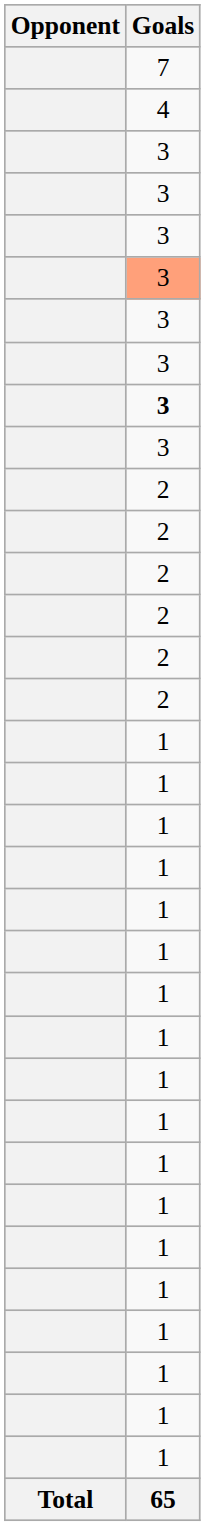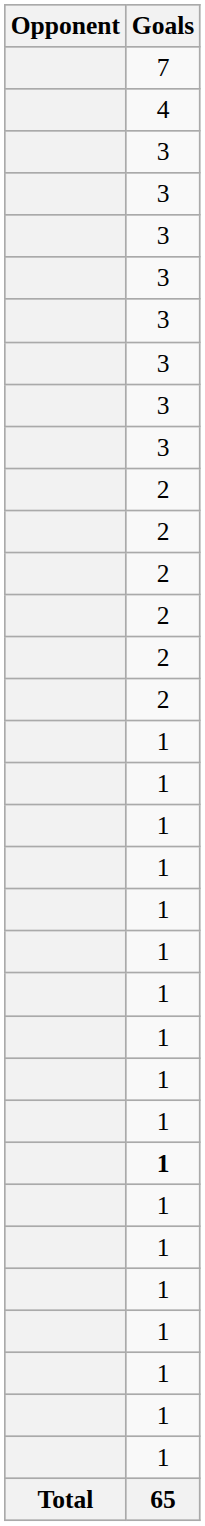 <table class="wikitable plainrowheaders sortable" style="text-align:center; font-size:95%">
 <tr>
 <th scope="col">Opponent</th>
 <th scope="col">Goals</th>
 </tr>
 <tr>
 <th scope="row"></th>
 <td>7</td>
 </tr>
 <tr>
 <th scope="row"></th>
 <td>4</td>
 </tr>
 <tr>
 <th scope="row"></th>
 <td>3</td>
 </tr>
 <tr>
 <th scope="row"></th>
 <td>3</td>
 </tr>
 <tr>
 <th scope="row"></th>
 <td>3</td>
 </tr>
 <tr>
 <th scope="row"></th>
-<td style="background: lightsalmon;">3</td>
+<td>3</td>
 </tr>
 <tr>
 <th scope="row"></th>
 <td>3</td>
 </tr>
 <tr>
 <th scope="row"></th>
 <td>3</td>
 </tr>
 <tr>
 <th scope="row"></th>
-<td><strong>3</strong></td>
+<td>3</td>
 </tr>
 <tr>
 <th scope="row"></th>
 <td>3</td>
 </tr>
 <tr>
 <th scope="row"></th>
 <td>2</td>
 </tr>
 <tr>
 <th scope="row"></th>
 <td>2</td>
 </tr>
 <tr>
 <th scope="row"></th>
 <td>2</td>
 </tr>
 <tr>
 <th scope="row"></th>
 <td>2</td>
 </tr>
 <tr>
 <th scope="row"></th>
 <td>2</td>
 </tr>
 <tr>
 <th scope="row"></th>
 <td>2</td>
 </tr>
 <tr>
 <th scope="row"></th>
 <td>1</td>
 </tr>
 <tr>
 <th scope="row"></th>
 <td>1</td>
 </tr>
 <tr>
 <th scope="row"></th>
 <td>1</td>
 </tr>
 <tr>
 <th scope="row"></th>
 <td>1</td>
 </tr>
 <tr>
 <th scope="row"></th>
 <td>1</td>
 </tr>
 <tr>
 <th scope="row"></th>
 <td>1</td>
 </tr>
 <tr>
 <th scope="row"></th>
 <td>1</td>
 </tr>
 <tr>
 <th scope="row"></th>
 <td>1</td>
 </tr>
 <tr>
 <th scope="row"></th>
 <td>1</td>
 </tr>
 <tr>
 <th scope="row"></th>
 <td>1</td>
 </tr>
 <tr>
 <th scope="row"></th>
-<td>1</td>
+<td><strong>1</strong></td>
 </tr>
 <tr>
 <th scope="row"></th>
 <td>1</td>
 </tr>
 <tr>
 <th scope="row"></th>
 <td>1</td>
 </tr>
 <tr>
 <th scope="row"></th>
 <td>1</td>
 </tr>
 <tr>
 <th scope="row"></th>
 <td>1</td>
 </tr>
 <tr>
 <th scope="row"></th>
 <td>1</td>
 </tr>
 <tr>
 <th scope="row"></th>
 <td>1</td>
 </tr>
 <tr>
 <th scope="row"></th>
 <td>1</td>
 </tr>
 <tr>
 <th>Total</th>
 <th>65</th>
 </tr>
 </table>
